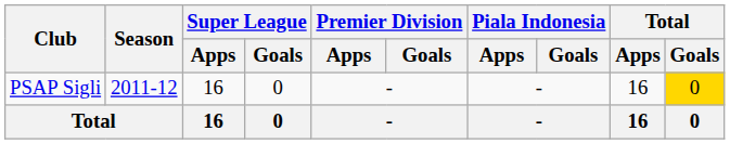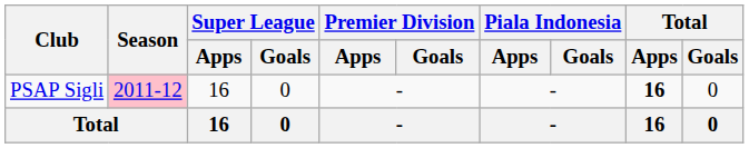 <table class="wikitable" style="font-size:90%; text-align:center;">
 <tr>
 <th rowspan="2">Club</th>
 <th rowspan="2">Season</th>
 <th colspan="2"><a href='#'>Super League</a></th>
 <th colspan="2"><a href='#'>Premier Division</a></th>
 <th colspan="2"><a href='#'>Piala Indonesia</a></th>
 <th colspan="2">Total</th>
 </tr>
 <tr>
 <th>Apps</th>
 <th>Goals</th>
 <th>Apps</th>
 <th>Goals</th>
 <th>Apps</th>
 <th>Goals</th>
 <th>Apps</th>
 <th>Goals</th>
 </tr>
 <tr>
 <td rowspan="1"><a href='#'>PSAP Sigli</a></td>
-<td><a href='#'>2011-12</a></td>
+<td style="background: pink;"><a href='#'>2011-12</a></td>
 <td>16</td>
 <td>0</td>
 <td colspan="2">-</td>
 <td colspan="2">-</td>
-<td>16</td>
-<td style="background: gold;">0</td>
+<td><strong>16</strong></td>
+<td>0</td>
 </tr>
 <tr>
 <th colspan="2">Total</th>
 <th>16</th>
 <th>0</th>
 <th colspan="2">-</th>
 <th colspan="2">-</th>
 <th>16</th>
 <th>0</th>
 </tr>
 </table>
